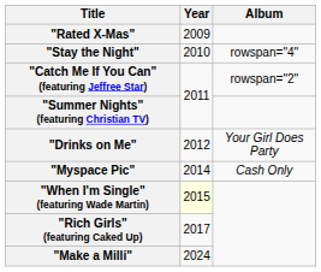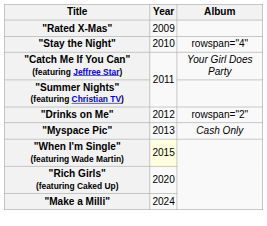 <table class="wikitable plainrowheaders" style="text-align:center;">
 <tr>
 <th scope="col" style="width:14em;">Title</th>
 <th scope="col">Year</th>
 <th scope="col" style="width:8em;">Album</th>
 </tr>
 <tr>
 <th scope="row">"Rated X-Mas"</th>
 <td>2009</td>
 <td></td>
 </tr>
 <tr>
 <th scope="row">"Stay the Night"</th>
 <td>2010</td>
 <td>rowspan="4" </td>
 </tr>
 <tr>
 <th scope="row">"Catch Me If You Can"<br><small>(featuring <a href='#'>Jeffree Star</a>)</small></th>
 <td rowspan="2">2011</td>
-<td>rowspan="2" </td>
+<td><em>Your Girl Does Party</em></td>
 </tr>
 <tr>
 <th scope="row">"Summer Nights"<br><small>(featuring <a href='#'>Christian TV</a>)</small></th>
 </tr>
 <tr>
 <th scope="row">"Drinks on Me"</th>
 <td>2012</td>
-<td><em>Your Girl Does Party</em></td>
+<td>rowspan="2" </td>
 </tr>
 <tr>
 <th scope="row">"Myspace Pic"</th>
-<td>2014</td>
+<td>2013</td>
 <td><em>Cash Only</em></td>
 </tr>
 <tr>
 <th scope="row">"When I'm Single" <br><small>(featuring Wade Martin)</small></th>
 <td style="background: lightyellow;">2015</td>
 </tr>
 <tr>
 <th scope="row">"Rich Girls" <br><small>(featuring Caked Up)</small></th>
-<td>2017</td>
+<td>2020</td>
 </tr>
 <tr>
 <th scope="row">"Make a Milli" <br></th>
 <td>2024</td>
 </tr>
 </table>
